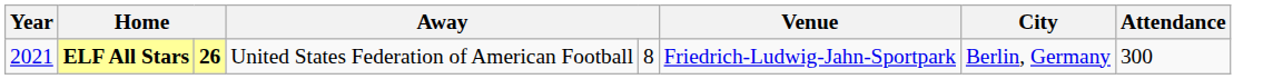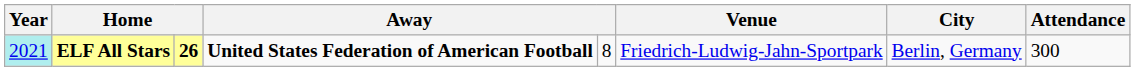 <table class="wikitable">
 <tr>
 <th scope="col">Year</th>
 <th scope="col" colspan="2">Home</th>
 <th scope="col" colspan="2">Away</th>
 <th scope="col">Venue</th>
 <th scope="col">City</th>
 <th scope="col">Attendance</th>
 </tr>
 <tr>
-<td scope="row"><a href='#'>2021</a></td>
+<td scope="row" style="background: paleturquoise;"><a href='#'>2021</a></td>
 <td style="background:#FFFF99"><strong>ELF All Stars</strong></td>
 <td style="background:#FFFF99"><strong>26</strong></td>
-<td>United States Federation of American Football</td>
+<td><strong>United States Federation of American Football</strong></td>
 <td>8</td>
 <td><a href='#'>Friedrich-Ludwig-Jahn-Sportpark</a></td>
 <td> <a href='#'>Berlin</a>, <a href='#'>Germany</a></td>
 <td>300</td>
 </tr>
 </table>
